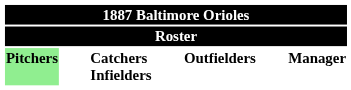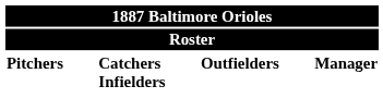 <table class="toccolours" style="font-size: 95%;">
 <tr>
 <th colspan="10" style="background-color: black; color: white; text-align: center;">1887 Baltimore Orioles</th>
 </tr>
 <tr>
 <td colspan="10" style="background-color: black; color: white; text-align: center;"><strong>Roster</strong></td>
 </tr>
 <tr>
-<td valign="top" style="background: lightgreen;"><strong>Pitchers</strong><br>     </td>
+<td valign="top"><strong>Pitchers</strong><br>     </td>
 <td width="25px"></td>
 <td valign="top"><strong>Catchers</strong><br>   <strong>Infielders</strong>    </td>
 <td width="25px"></td>
 <td valign="top"><strong>Outfielders</strong><br>   </td>
 <td width="25px"></td>
 <td valign="top"><strong>Manager</strong><br></td>
 </tr>
 </table>
